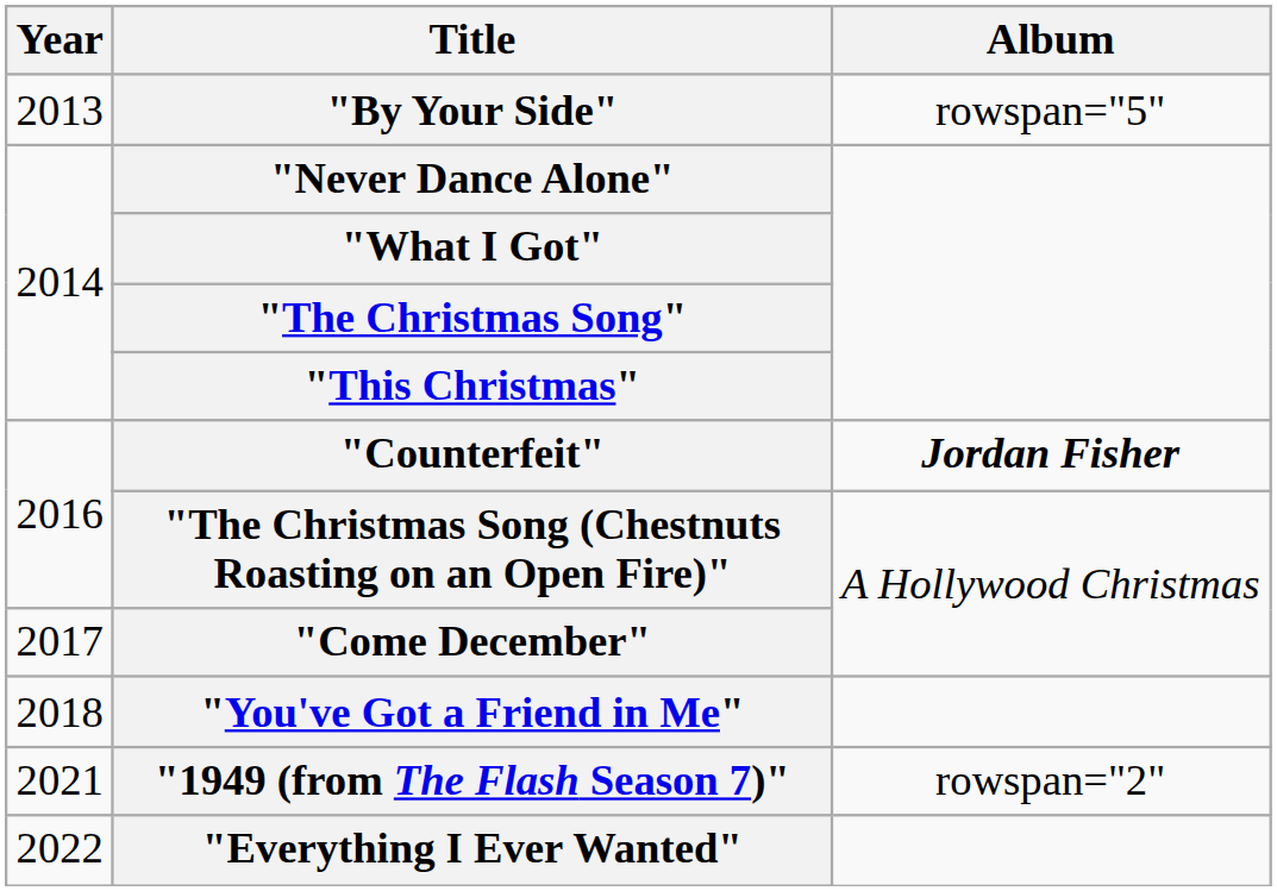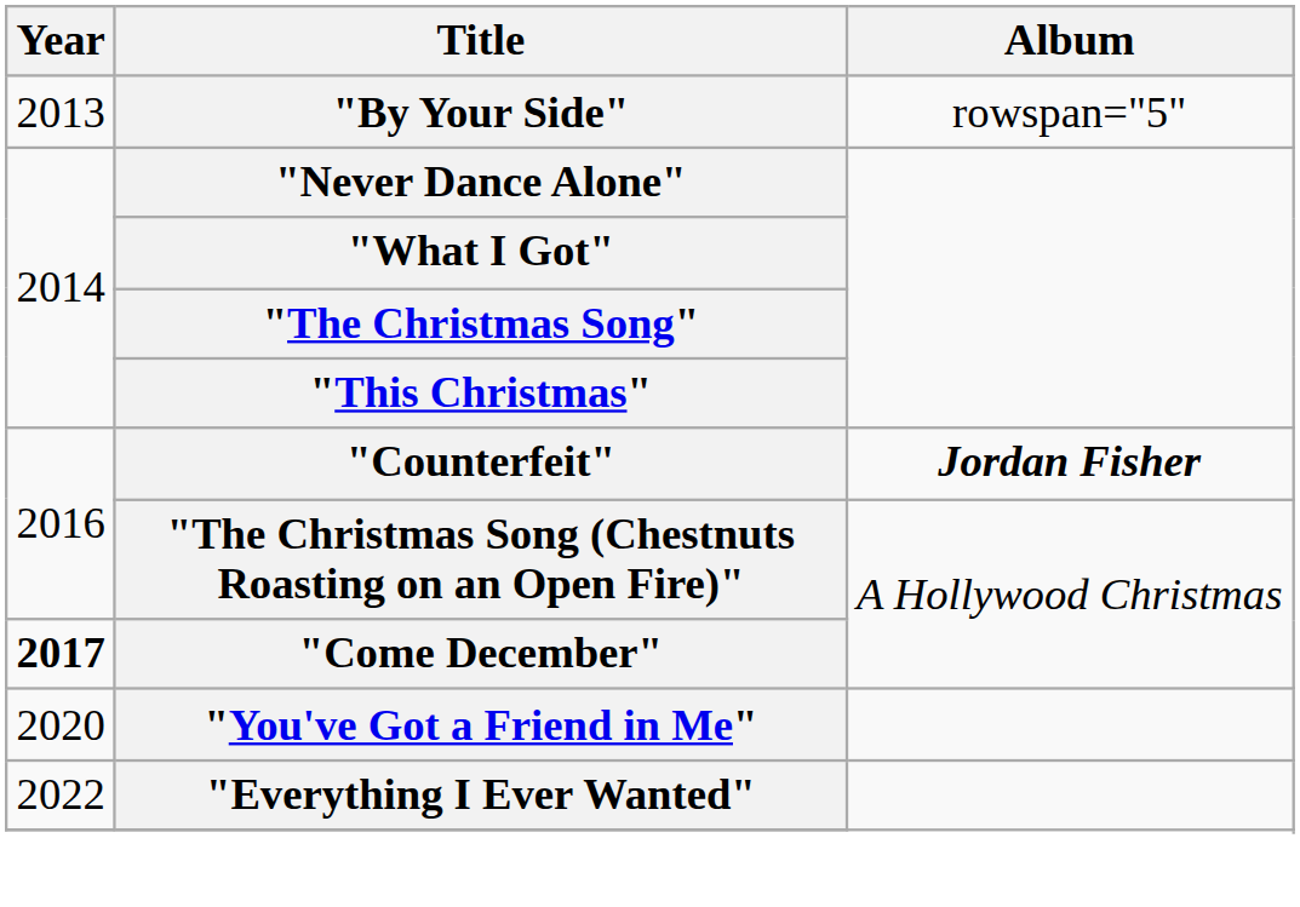 <table class="wikitable plainrowheaders" style="text-align:center">
 <tr>
 <th scope="col">Year</th>
 <th scope="col" style="width:16em;">Title</th>
 <th scope="col">Album</th>
 </tr>
 <tr>
 <td>2013</td>
 <th scope="row">"By Your Side"</th>
 <td>rowspan="5" </td>
 </tr>
 <tr>
 <td rowspan="4">2014</td>
 <th scope="row">"Never Dance Alone"</th>
 </tr>
 <tr>
 <th scope="row">"What I Got"</th>
 </tr>
 <tr>
 <th scope="row">"<a href='#'>The Christmas Song</a>"</th>
 </tr>
 <tr>
 <th scope="row">"<a href='#'>This Christmas</a>"</th>
 </tr>
 <tr>
 <td rowspan="2">2016</td>
 <th scope="row">"Counterfeit"</th>
 <td><strong><em>Jordan Fisher</em></strong></td>
 </tr>
 <tr>
 <th scope="row">"The Christmas Song (Chestnuts Roasting on an Open Fire)"</th>
 <td rowspan="2"><em>A Hollywood Christmas</em></td>
 </tr>
 <tr>
-<td>2017</td>
+<td><strong>2017</strong></td>
 <th scope="row">"Come December"</th>
 </tr>
 <tr>
-<td>2018</td>
+<td>2020</td>
 <th scope="row">"<a href='#'>You've Got a Friend in Me</a>"<br></th>
 <td></td>
-</tr>
-<tr>
-<td>2021</td>
-<th scope="row">"1949 (from <a href='#'><em>The Flash</em> Season 7</a>)"</th>
-<td>rowspan="2" </td>
 </tr>
 <tr>
 <td>2022</td>
 <th scope="row">"Everything I Ever Wanted"</th>
 </tr>
 <tr>
 </tr>
 </table>
